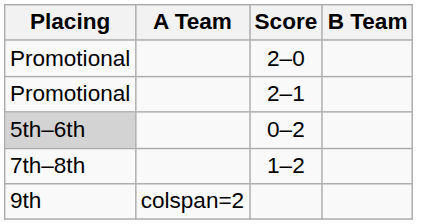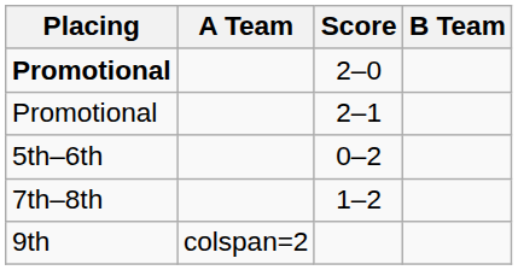 <table class=wikitable style="border:1px solid #AAAAAA;">
 <tr>
 <th>Placing</th>
 <th>A Team</th>
 <th>Score</th>
 <th>B Team</th>
 </tr>
 <tr>
-<td>Promotional</td>
+<td><strong>Promotional</strong></td>
 <td><strong></strong></td>
 <td align="center">2–0</td>
 <td></td>
 </tr>
 <tr>
 <td>Promotional</td>
 <td><strong></strong></td>
 <td align="center">2–1</td>
 <td></td>
 </tr>
 <tr>
-<td style="background: lightgrey;">5th–6th</td>
+<td>5th–6th</td>
 <td></td>
 <td align="center">0–2</td>
 <td><strong></strong></td>
 </tr>
 <tr>
 <td>7th–8th</td>
 <td></td>
 <td align="center">1–2</td>
 <td><strong></strong></td>
 </tr>
 <tr>
 <td>9th</td>
 <td>colspan=2 </td>
 <td></td>
 </tr>
 </table>
